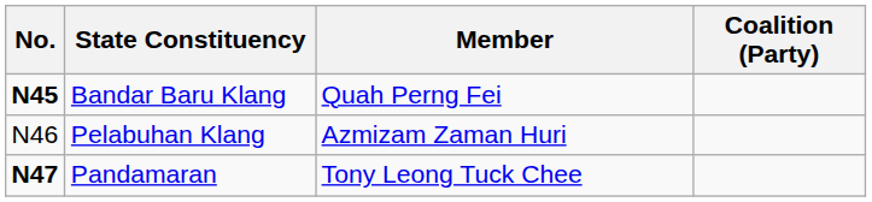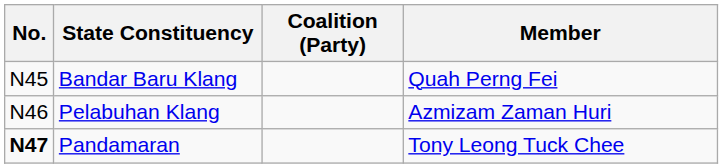 <table class="wikitable">
 <tr>
 <th width="30">No.</th>
 <th width="150">State Constituency</th>
+<th width="100">Coalition (Party)</th>
 <th width="230">Member</th>
-<th width="100">Coalition (Party)</th>
 </tr>
 <tr>
-<td><strong>N45</strong></td>
+<td>N45</td>
 <td><a href='#'>Bandar Baru Klang</a></td>
+<td></td>
 <td><a href='#'>Quah Perng Fei</a></td>
-<td></td>
 </tr>
 <tr>
 <td>N46</td>
 <td><a href='#'>Pelabuhan Klang</a></td>
+<td></td>
 <td><a href='#'>Azmizam Zaman Huri</a></td>
-<td></td>
 </tr>
 <tr>
 <td><strong>N47</strong></td>
 <td><a href='#'>Pandamaran</a></td>
+<td></td>
 <td><a href='#'>Tony Leong Tuck Chee</a></td>
-<td></td>
 </tr>
 </table>
